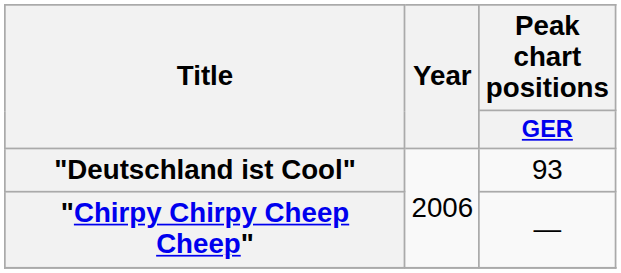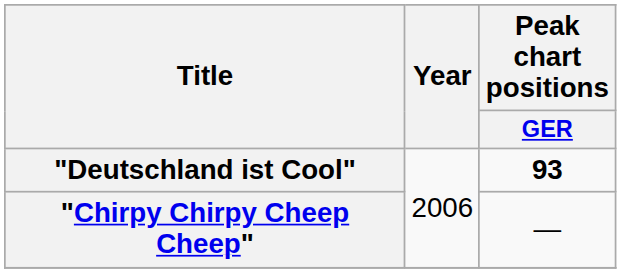 <table class="wikitable plainrowheaders" style="text-align:center;">
 <tr>
 <th rowspan="2" scope="col" style="width:14em;">Title</th>
 <th rowspan="2" scope="col">Year</th>
 <th colspan="1">Peak chart positions</th>
 </tr>
 <tr>
 <th scope="col" style="width:3em;font-size:85%;"><a href='#'>GER</a></th>
 </tr>
 <tr>
 <th scope="row">"Deutschland ist Cool"</th>
 <td rowspan=2>2006</td>
-<td>93</td>
+<td><strong>93</strong></td>
 </tr>
 <tr>
 <th scope="row">"<a href='#'>Chirpy Chirpy Cheep Cheep</a>"</th>
 <td>—</td>
 </tr>
 <tr>
 </tr>
 </table>
